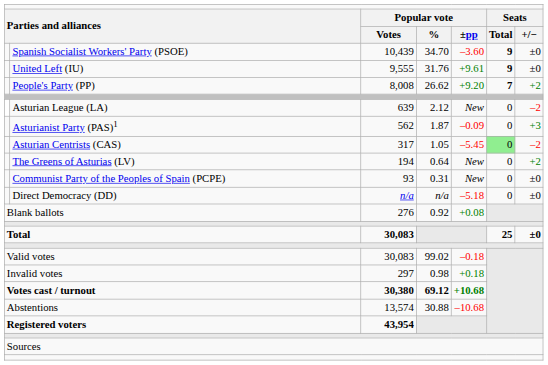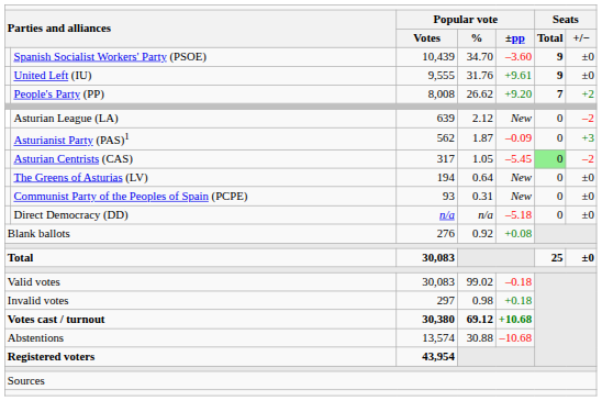 <table class="wikitable" style="text-align:right;">
 <tr>
 <td colspan="7"></td>
 </tr>
 <tr>
 <th style="text-align:left;" rowspan="2" colspan="2" width="525">Parties and alliances</th>
 <th colspan="3">Popular vote</th>
 <th colspan="2">Seats</th>
 </tr>
 <tr>
 <th width="75">Votes</th>
 <th width="45">%</th>
 <th width="45">±<a href='#'>pp</a></th>
 <th width="35">Total</th>
 <th width="35">+/−</th>
 </tr>
 <tr>
 <td width="1" style="color:inherit;background:"></td>
 <td align="left"><a href='#'>Spanish Socialist Workers' Party</a> (PSOE)</td>
 <td>10,439</td>
 <td>34.70</td>
 <td style="color:red;">–3.60</td>
 <td><strong>9</strong></td>
 <td>±0</td>
 </tr>
 <tr>
 <td style="color:inherit;background:"></td>
 <td align="left"><a href='#'>United Left</a> (IU)</td>
 <td>9,555</td>
 <td>31.76</td>
 <td style="color:green;">+9.61</td>
 <td><strong>9</strong></td>
 <td>±0</td>
 </tr>
 <tr>
 <td style="color:inherit;background:"></td>
 <td align="left"><a href='#'>People's Party</a> (PP)</td>
 <td>8,008</td>
 <td>26.62</td>
 <td style="color:green;">+9.20</td>
 <td><strong>7</strong></td>
 <td style="color:green;">+2</td>
 </tr>
 <tr>
 <td colspan="7" bgcolor="#C0C0C0"></td>
 </tr>
 <tr>
 <td bgcolor="white"></td>
 <td align="left">Asturian League (LA)</td>
 <td>639</td>
 <td>2.12</td>
 <td><em>New</em></td>
 <td>0</td>
 <td style="color:red;">–2</td>
 </tr>
 <tr>
 <td style="color:inherit;background:"></td>
 <td align="left"><a href='#'>Asturianist Party</a> (PAS)<sup>1</sup></td>
 <td>562</td>
 <td>1.87</td>
 <td style="color:red;">–0.09</td>
 <td>0</td>
 <td style="color:green;">+3</td>
 </tr>
 <tr>
 <td style="color:inherit;background:"></td>
 <td align="left"><a href='#'>Asturian Centrists</a> (CAS)</td>
 <td>317</td>
 <td>1.05</td>
 <td style="color:red;">–5.45</td>
 <td style="background: lightgreen;">0</td>
 <td style="color:red;">–2</td>
 </tr>
 <tr>
 <td style="color:inherit;background:"></td>
 <td align="left"><a href='#'>The Greens of Asturias</a> (LV)</td>
 <td>194</td>
 <td>0.64</td>
 <td><em>New</em></td>
 <td>0</td>
-<td style="color:green;">+2</td>
+<td>±0</td>
 </tr>
 <tr>
 <td style="color:inherit;background:"></td>
 <td align="left"><a href='#'>Communist Party of the Peoples of Spain</a> (PCPE)</td>
 <td>93</td>
 <td>0.31</td>
 <td><em>New</em></td>
 <td>0</td>
 <td>±0</td>
 </tr>
 <tr>
 <td style="color:inherit;background:"></td>
 <td align="left">Direct Democracy (DD)</td>
 <td><em><a href='#'>n/a</a></em></td>
 <td><em>n/a</em></td>
 <td style="color:red;">–5.18</td>
 <td>0</td>
 <td>±0</td>
 </tr>
 <tr>
 <td align="left" colspan="2">Blank ballots</td>
 <td>276</td>
 <td>0.92</td>
 <td style="color:green;">+0.08</td>
 <td bgcolor="#E9E9E9" colspan="2"></td>
 </tr>
 <tr>
 <td colspan="7" bgcolor="#E9E9E9"></td>
 </tr>
 <tr style="font-weight:bold;">
 <td align="left" colspan="2">Total</td>
 <td>30,083</td>
 <td bgcolor="#E9E9E9" colspan="2"></td>
 <td>25</td>
 <td>±0</td>
 </tr>
 <tr>
 <td colspan="7" bgcolor="#E9E9E9"></td>
 </tr>
 <tr>
 <td align="left" colspan="2">Valid votes</td>
 <td>30,083</td>
 <td>99.02</td>
 <td style="color:red;">–0.18</td>
 <td bgcolor="#E9E9E9" colspan="2" rowspan="5"></td>
 </tr>
 <tr>
 <td align="left" colspan="2">Invalid votes</td>
 <td>297</td>
 <td>0.98</td>
 <td style="color:green;">+0.18</td>
 </tr>
 <tr style="font-weight:bold;">
 <td align="left" colspan="2">Votes cast / turnout</td>
 <td>30,380</td>
 <td>69.12</td>
 <td style="color:green;">+10.68</td>
 </tr>
 <tr>
 <td align="left" colspan="2">Abstentions</td>
 <td>13,574</td>
 <td>30.88</td>
 <td style="color:red;">–10.68</td>
 </tr>
 <tr style="font-weight:bold;">
 <td align="left" colspan="2">Registered voters</td>
 <td>43,954</td>
 <td bgcolor="#E9E9E9" colspan="2"></td>
 </tr>
 <tr>
 <td colspan="7" bgcolor="#E9E9E9"></td>
 </tr>
 <tr>
 <td align="left" colspan="7">Sources</td>
 </tr>
 <tr>
 <td colspan="7" style="text-align:left; max-width:790px;"></td>
 </tr>
 </table>
